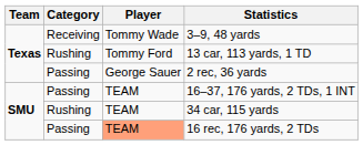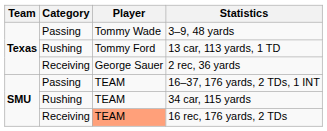 <table class="wikitable" style="float: right;">
 <tr>
 <th>Team</th>
 <th>Category</th>
 <th>Player</th>
 <th>Statistics</th>
 </tr>
 <tr>
 <td rowspan=3><strong>Texas</strong></td>
-<td>Receiving</td>
+<td>Passing</td>
 <td>Tommy Wade</td>
 <td>3–9, 48 yards</td>
 </tr>
 <tr>
 <td>Rushing</td>
 <td>Tommy Ford</td>
 <td>13 car, 113 yards, 1 TD</td>
 </tr>
 <tr>
-<td>Passing</td>
+<td>Receiving</td>
 <td>George Sauer</td>
 <td>2 rec, 36 yards</td>
 </tr>
 <tr>
 <td rowspan=3><strong>SMU</strong></td>
 <td>Passing</td>
 <td>TEAM</td>
 <td>16–37, 176 yards, 2 TDs, 1 INT</td>
 </tr>
 <tr>
 <td>Rushing</td>
 <td>TEAM</td>
 <td>34 car, 115 yards</td>
 </tr>
 <tr>
-<td>Passing</td>
+<td>Receiving</td>
 <td style="background: lightsalmon;">TEAM</td>
 <td>16 rec, 176 yards, 2 TDs</td>
 </tr>
 </table>
